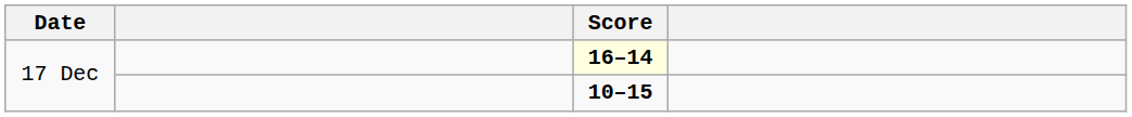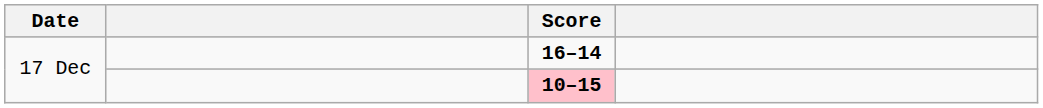 <table class="wikitable" style="text-align: center;">
 <tr>
 <th width="60">Date</th>
 <th align="right" width="270"></th>
 <th width="50">Score</th>
 <th align="left" width="270"></th>
 </tr>
 <tr>
 <td rowspan=2>17 Dec</td>
 <td align=left><strong></strong></td>
-<td align=center style="background: lightyellow;"><strong>16–14</strong></td>
+<td align=center><strong>16–14</strong></td>
 <td align=left></td>
 </tr>
 <tr>
 <td align=left></td>
-<td align=center><strong>10–15</strong></td>
+<td align=center style="background: pink;"><strong>10–15</strong></td>
 <td align=left><strong></strong></td>
 </tr>
 </table>
